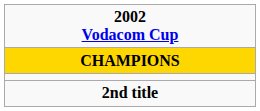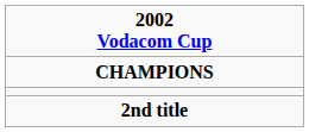 <table class="wikitable" style="text-align: center; margin: 0 auto; width: 20%">
 <tr>
 <td><strong>2002</strong> <br> <strong><a href='#'>Vodacom Cup</a></strong></td>
 </tr>
 <tr>
-<td style="background: gold;"><strong>CHAMPIONS</strong></td>
+<td><strong>CHAMPIONS</strong></td>
 </tr>
 <tr>
 <td><strong></strong></td>
 </tr>
 <tr>
 <td><strong>2nd title</strong></td>
 </tr>
 </table>
